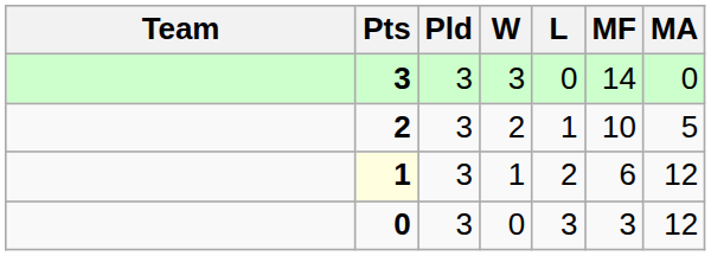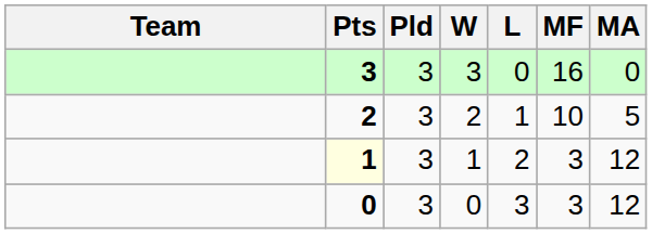 <table class=wikitable style="text-align:right">
 <tr>
 <th width=175>Team</th>
 <th width=20>Pts</th>
 <th width=20>Pld</th>
 <th width=20>W</th>
 <th width=20>L</th>
 <th width=20>MF</th>
 <th width=20>MA</th>
 </tr>
 <tr bgcolor=ccffcc>
 <td style="text-align:left"><strong></strong></td>
 <td><strong>3</strong></td>
 <td>3</td>
 <td>3</td>
 <td>0</td>
-<td>14</td>
+<td>16</td>
 <td>0</td>
 </tr>
 <tr>
 <td style="text-align:left"></td>
 <td><strong>2</strong></td>
 <td>3</td>
 <td>2</td>
 <td>1</td>
 <td>10</td>
 <td>5</td>
 </tr>
 <tr>
 <td style="text-align:left"></td>
 <td style="background: lightyellow;"><strong>1</strong></td>
 <td>3</td>
 <td>1</td>
 <td>2</td>
-<td>6</td>
+<td>3</td>
 <td>12</td>
 </tr>
 <tr>
 <td style="text-align:left"></td>
 <td><strong>0</strong></td>
 <td>3</td>
 <td>0</td>
 <td>3</td>
 <td>3</td>
 <td>12</td>
 </tr>
 </table>
